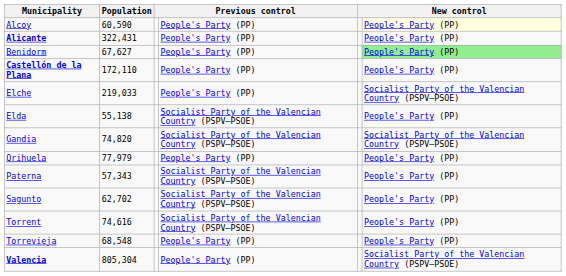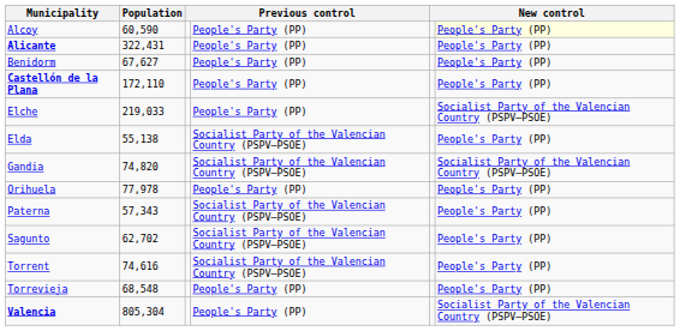 <table class="wikitable sortable">
 <tr>
 <th>Municipality</th>
 <th>Population</th>
 <th colspan="2" style="width:375px;">Previous control</th>
 <th colspan="2" style="width:375px;">New control</th>
 </tr>
 <tr>
 <td><a href='#'>Alcoy</a></td>
 <td>60,590</td>
 <td width="1" style="color:inherit;background:"></td>
 <td><a href='#'>People's Party</a> (PP)</td>
 <td width="1" style="color:inherit;background:"></td>
 <td style="background: lightyellow;"><a href='#'>People's Party</a> (PP)</td>
 </tr>
 <tr>
 <td><strong><a href='#'>Alicante</a></strong></td>
 <td>322,431</td>
 <td style="color:inherit;background:"></td>
 <td><a href='#'>People's Party</a> (PP)</td>
 <td style="color:inherit;background:"></td>
 <td><a href='#'>People's Party</a> (PP)</td>
 </tr>
 <tr>
 <td><a href='#'>Benidorm</a></td>
 <td>67,627</td>
 <td style="color:inherit;background:"></td>
 <td><a href='#'>People's Party</a> (PP)</td>
 <td style="color:inherit;background:"></td>
-<td style="background: lightgreen;"><a href='#'>People's Party</a> (PP) </td>
+<td><a href='#'>People's Party</a> (PP) </td>
 </tr>
 <tr>
 <td><strong><a href='#'>Castellón de la Plana</a></strong></td>
 <td>172,110</td>
 <td style="color:inherit;background:"></td>
 <td><a href='#'>People's Party</a> (PP)</td>
 <td style="color:inherit;background:"></td>
 <td><a href='#'>People's Party</a> (PP)</td>
 </tr>
 <tr>
 <td><a href='#'>Elche</a></td>
 <td>219,033</td>
 <td style="color:inherit;background:"></td>
 <td><a href='#'>People's Party</a> (PP)</td>
 <td style="color:inherit;background:"></td>
 <td><a href='#'>Socialist Party of the Valencian Country</a> (PSPV–PSOE)</td>
 </tr>
 <tr>
 <td><a href='#'>Elda</a></td>
 <td>55,138</td>
 <td style="color:inherit;background:"></td>
 <td><a href='#'>Socialist Party of the Valencian Country</a> (PSPV–PSOE)</td>
 <td style="color:inherit;background:"></td>
 <td><a href='#'>People's Party</a> (PP)</td>
 </tr>
 <tr>
 <td><a href='#'>Gandia</a></td>
 <td>74,820</td>
 <td style="color:inherit;background:"></td>
 <td><a href='#'>Socialist Party of the Valencian Country</a> (PSPV–PSOE)</td>
 <td style="color:inherit;background:"></td>
 <td><a href='#'>Socialist Party of the Valencian Country</a> (PSPV–PSOE)</td>
 </tr>
 <tr>
 <td><a href='#'>Orihuela</a></td>
-<td>77,979</td>
+<td>77,978</td>
 <td style="color:inherit;background:"></td>
 <td><a href='#'>People's Party</a> (PP)</td>
 <td style="color:inherit;background:"></td>
 <td><a href='#'>People's Party</a> (PP)</td>
 </tr>
 <tr>
 <td><a href='#'>Paterna</a></td>
 <td>57,343</td>
 <td style="color:inherit;background:"></td>
 <td><a href='#'>Socialist Party of the Valencian Country</a> (PSPV–PSOE)</td>
 <td style="color:inherit;background:"></td>
 <td><a href='#'>People's Party</a> (PP)</td>
 </tr>
 <tr>
 <td><a href='#'>Sagunto</a></td>
 <td>62,702</td>
 <td style="color:inherit;background:"></td>
 <td><a href='#'>Socialist Party of the Valencian Country</a> (PSPV–PSOE)</td>
 <td style="color:inherit;background:"></td>
 <td><a href='#'>People's Party</a> (PP)</td>
 </tr>
 <tr>
 <td><a href='#'>Torrent</a></td>
 <td>74,616</td>
 <td style="color:inherit;background:"></td>
 <td><a href='#'>Socialist Party of the Valencian Country</a> (PSPV–PSOE)</td>
 <td style="color:inherit;background:"></td>
 <td><a href='#'>People's Party</a> (PP)</td>
 </tr>
 <tr>
 <td><a href='#'>Torrevieja</a></td>
 <td>68,548</td>
 <td style="color:inherit;background:"></td>
 <td><a href='#'>People's Party</a> (PP)</td>
 <td style="color:inherit;background:"></td>
 <td><a href='#'>People's Party</a> (PP)</td>
 </tr>
 <tr>
 <td><strong><a href='#'>Valencia</a></strong></td>
 <td>805,304</td>
 <td style="color:inherit;background:"></td>
 <td><a href='#'>People's Party</a> (PP)</td>
 <td style="color:inherit;background:"></td>
 <td><a href='#'>Socialist Party of the Valencian Country</a> (PSPV–PSOE)</td>
 </tr>
 </table>
